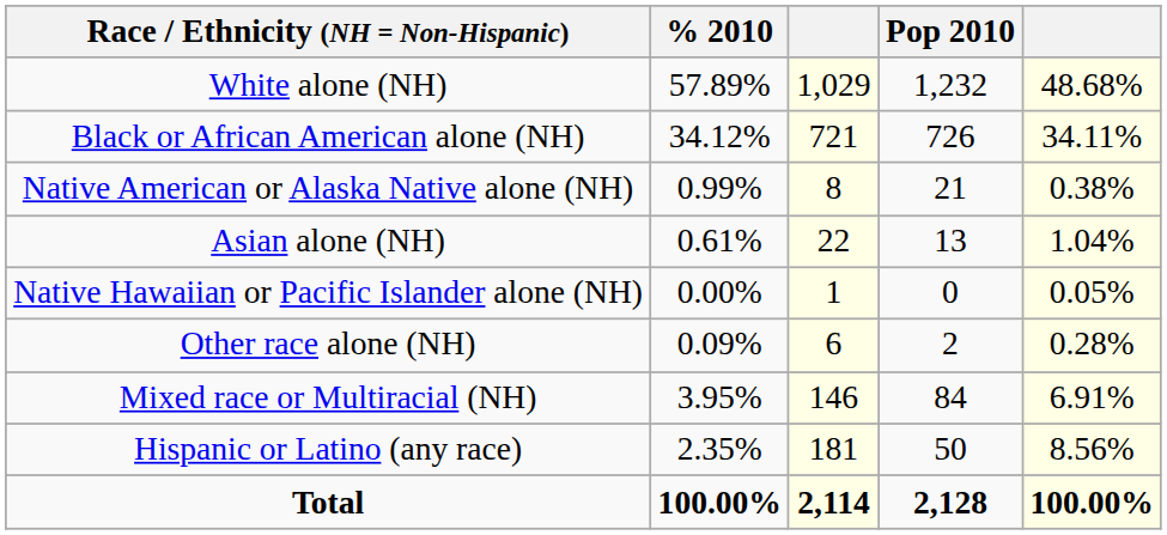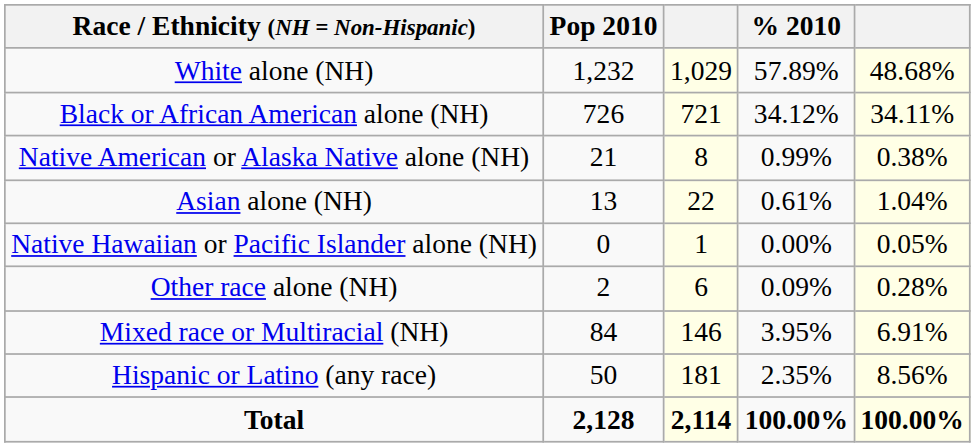 <table class="wikitable" style="text-align:center;">
 <tr>
 <th>Race / Ethnicity <small>(<em>NH = Non-Hispanic</em>)</small></th>
+<th>Pop 2010</th>
+<th></th>
 <th>% 2010</th>
-<th></th>
-<th>Pop 2010</th>
 <th></th>
 </tr>
 <tr>
 <td><a href='#'>White</a> alone (NH)</td>
+<td>1,232</td>
+<td style='background: #ffffe6;'>1,029</td>
 <td>57.89%</td>
-<td style='background: #ffffe6;'>1,029</td>
-<td>1,232</td>
 <td style='background: #ffffe6;'>48.68%</td>
 </tr>
 <tr>
 <td><a href='#'>Black or African American</a> alone (NH)</td>
+<td>726</td>
+<td style='background: #ffffe6;'>721</td>
 <td>34.12%</td>
-<td style='background: #ffffe6;'>721</td>
-<td>726</td>
 <td style='background: #ffffe6;'>34.11%</td>
 </tr>
 <tr>
 <td><a href='#'>Native American</a> or <a href='#'>Alaska Native</a> alone (NH)</td>
+<td>21</td>
+<td style='background: #ffffe6;'>8</td>
 <td>0.99%</td>
-<td style='background: #ffffe6;'>8</td>
-<td>21</td>
 <td style='background: #ffffe6;'>0.38%</td>
 </tr>
 <tr>
 <td><a href='#'>Asian</a> alone (NH)</td>
+<td>13</td>
+<td style='background: #ffffe6;'>22</td>
 <td>0.61%</td>
-<td style='background: #ffffe6;'>22</td>
-<td>13</td>
 <td style='background: #ffffe6;'>1.04%</td>
 </tr>
 <tr>
 <td><a href='#'>Native Hawaiian</a> or <a href='#'>Pacific Islander</a> alone (NH)</td>
+<td>0</td>
+<td style='background: #ffffe6;'>1</td>
 <td>0.00%</td>
-<td style='background: #ffffe6;'>1</td>
-<td>0</td>
 <td style='background: #ffffe6;'>0.05%</td>
 </tr>
 <tr>
 <td><a href='#'>Other race</a> alone (NH)</td>
+<td>2</td>
+<td style='background: #ffffe6;'>6</td>
 <td>0.09%</td>
-<td style='background: #ffffe6;'>6</td>
-<td>2</td>
 <td style='background: #ffffe6;'>0.28%</td>
 </tr>
 <tr>
 <td><a href='#'>Mixed race or Multiracial</a> (NH)</td>
+<td>84</td>
+<td style='background: #ffffe6;'>146</td>
 <td>3.95%</td>
-<td style='background: #ffffe6;'>146</td>
-<td>84</td>
 <td style='background: #ffffe6;'>6.91%</td>
 </tr>
 <tr>
 <td><a href='#'>Hispanic or Latino</a> (any race)</td>
+<td>50</td>
+<td style='background: #ffffe6;'>181</td>
 <td>2.35%</td>
-<td style='background: #ffffe6;'>181</td>
-<td>50</td>
 <td style='background: #ffffe6;'>8.56%</td>
 </tr>
 <tr>
 <td><strong>Total</strong></td>
+<td><strong>2,128</strong></td>
+<td style='background: #ffffe6;'><strong>2,114</strong></td>
 <td><strong>100.00%</strong></td>
-<td style='background: #ffffe6;'><strong>2,114</strong></td>
-<td><strong>2,128</strong></td>
 <td style='background: #ffffe6;'><strong>100.00%</strong></td>
 </tr>
 </table>
